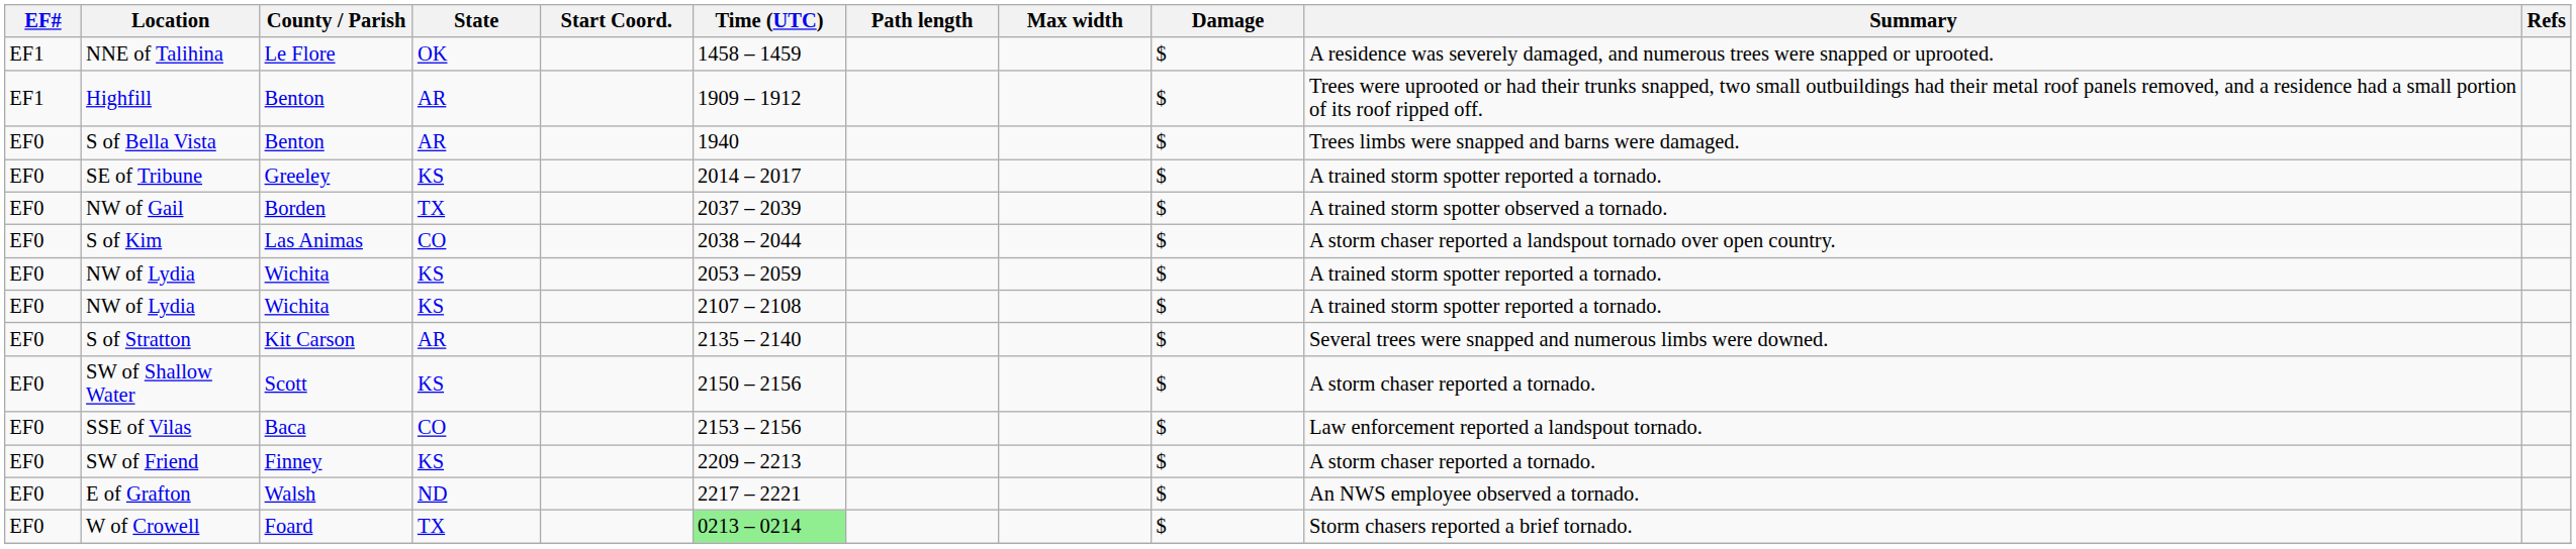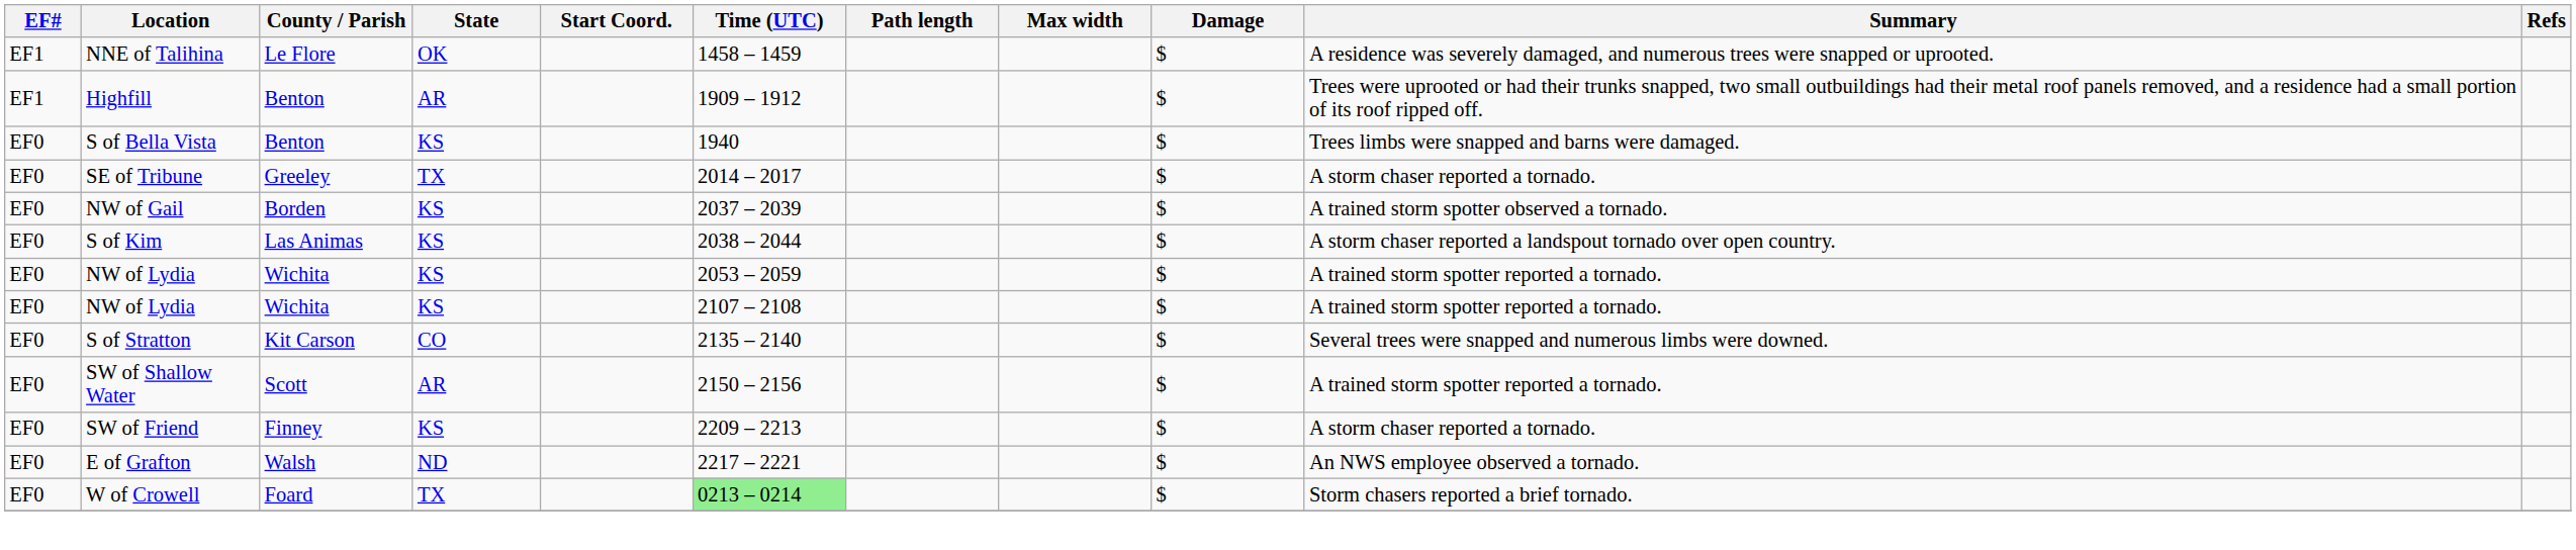 <table class="wikitable sortable" style="width:100%;">
 <tr>
 <th scope="col" width="3%" align="center"><a href='#'>EF#</a></th>
 <th scope="col" width="7%" align="center" class="unsortable">Location</th>
 <th scope="col" width="6%" align="center" class="unsortable">County / Parish</th>
 <th scope="col" width="5%" align="center">State</th>
 <th scope="col" width="6%" align="center">Start Coord.</th>
 <th scope="col" width="6%" align="center">Time (<a href='#'>UTC</a>)</th>
 <th scope="col" width="6%" align="center">Path length</th>
 <th scope="col" width="6%" align="center">Max width</th>
 <th scope="col" width="6%" align="center">Damage</th>
 <th scope="col" width="48%" class="unsortable" align="center">Summary</th>
 <th scope="col" width="48%" class="unsortable" align="center">Refs</th>
 </tr>
 <tr>
 <td>EF1</td>
 <td>NNE of <a href='#'>Talihina</a></td>
 <td><a href='#'>Le Flore</a></td>
 <td><a href='#'>OK</a></td>
 <td></td>
 <td>1458 – 1459</td>
 <td></td>
 <td></td>
 <td>$</td>
 <td>A residence was severely damaged, and numerous trees were snapped or uprooted.</td>
 <td></td>
 </tr>
 <tr>
 <td>EF1</td>
 <td><a href='#'>Highfill</a></td>
 <td><a href='#'>Benton</a></td>
 <td><a href='#'>AR</a></td>
 <td></td>
 <td>1909 – 1912</td>
 <td></td>
 <td></td>
 <td>$</td>
 <td>Trees were uprooted or had their trunks snapped, two small outbuildings had their metal roof panels removed, and a residence had a small portion of its roof ripped off.</td>
 <td></td>
 </tr>
 <tr>
 <td>EF0</td>
 <td>S of <a href='#'>Bella Vista</a></td>
 <td><a href='#'>Benton</a></td>
-<td><a href='#'>AR</a></td>
+<td><a href='#'>KS</a></td>
 <td></td>
 <td>1940</td>
 <td></td>
 <td></td>
 <td>$</td>
 <td>Trees limbs were snapped and barns were damaged.</td>
 <td></td>
 </tr>
 <tr>
 <td>EF0</td>
 <td>SE of <a href='#'>Tribune</a></td>
 <td><a href='#'>Greeley</a></td>
-<td><a href='#'>KS</a></td>
+<td><a href='#'>TX</a></td>
 <td></td>
 <td>2014 – 2017</td>
 <td></td>
 <td></td>
 <td>$</td>
-<td>A trained storm spotter reported a tornado.</td>
+<td>A storm chaser reported a tornado.</td>
 <td></td>
 </tr>
 <tr>
 <td>EF0</td>
 <td>NW of <a href='#'>Gail</a></td>
 <td><a href='#'>Borden</a></td>
-<td><a href='#'>TX</a></td>
+<td><a href='#'>KS</a></td>
 <td></td>
 <td>2037 – 2039</td>
 <td></td>
 <td></td>
 <td>$</td>
 <td>A trained storm spotter observed a tornado.</td>
 <td></td>
 </tr>
 <tr>
 <td>EF0</td>
 <td>S of <a href='#'>Kim</a></td>
 <td><a href='#'>Las Animas</a></td>
-<td><a href='#'>CO</a></td>
+<td><a href='#'>KS</a></td>
 <td></td>
 <td>2038 – 2044</td>
 <td></td>
 <td></td>
 <td>$</td>
 <td>A storm chaser reported a landspout tornado over open country.</td>
 <td></td>
 </tr>
 <tr>
 <td>EF0</td>
 <td>NW of <a href='#'>Lydia</a></td>
 <td><a href='#'>Wichita</a></td>
 <td><a href='#'>KS</a></td>
 <td></td>
 <td>2053 – 2059</td>
 <td></td>
 <td></td>
 <td>$</td>
 <td>A trained storm spotter reported a tornado.</td>
 <td></td>
 </tr>
 <tr>
 <td>EF0</td>
 <td>NW of <a href='#'>Lydia</a></td>
 <td><a href='#'>Wichita</a></td>
 <td><a href='#'>KS</a></td>
 <td></td>
 <td>2107 – 2108</td>
 <td></td>
 <td></td>
 <td>$</td>
 <td>A trained storm spotter reported a tornado.</td>
 <td></td>
 </tr>
 <tr>
 <td>EF0</td>
 <td>S of <a href='#'>Stratton</a></td>
 <td><a href='#'>Kit Carson</a></td>
-<td><a href='#'>AR</a></td>
+<td><a href='#'>CO</a></td>
 <td></td>
 <td>2135 – 2140</td>
 <td></td>
 <td></td>
 <td>$</td>
 <td>Several trees were snapped and numerous limbs were downed.</td>
 <td></td>
 </tr>
 <tr>
 <td>EF0</td>
 <td>SW of <a href='#'>Shallow Water</a></td>
 <td><a href='#'>Scott</a></td>
-<td><a href='#'>KS</a></td>
+<td><a href='#'>AR</a></td>
 <td></td>
 <td>2150 – 2156</td>
 <td></td>
 <td></td>
 <td>$</td>
-<td>A storm chaser reported a tornado.</td>
-<td></td>
-</tr>
-<tr>
-<td>EF0</td>
-<td>SSE of <a href='#'>Vilas</a></td>
-<td><a href='#'>Baca</a></td>
-<td><a href='#'>CO</a></td>
-<td></td>
-<td>2153 – 2156</td>
-<td></td>
-<td></td>
-<td>$</td>
-<td>Law enforcement reported a landspout tornado.</td>
+<td>A trained storm spotter reported a tornado.</td>
 <td></td>
 </tr>
 <tr>
 <td>EF0</td>
 <td>SW of <a href='#'>Friend</a></td>
 <td><a href='#'>Finney</a></td>
 <td><a href='#'>KS</a></td>
 <td></td>
 <td>2209 – 2213</td>
 <td></td>
 <td></td>
 <td>$</td>
 <td>A storm chaser reported a tornado.</td>
 <td></td>
 </tr>
 <tr>
 <td>EF0</td>
 <td>E of <a href='#'>Grafton</a></td>
 <td><a href='#'>Walsh</a></td>
 <td><a href='#'>ND</a></td>
 <td></td>
 <td>2217 – 2221</td>
 <td></td>
 <td></td>
 <td>$</td>
 <td>An NWS employee observed a tornado.</td>
 <td></td>
 </tr>
 <tr>
 <td>EF0</td>
 <td>W of <a href='#'>Crowell</a></td>
 <td><a href='#'>Foard</a></td>
 <td><a href='#'>TX</a></td>
 <td></td>
 <td style="background: lightgreen;">0213 – 0214</td>
 <td></td>
 <td></td>
 <td>$</td>
 <td>Storm chasers reported a brief tornado.</td>
 <td></td>
 </tr>
 <tr>
 </tr>
 </table>
